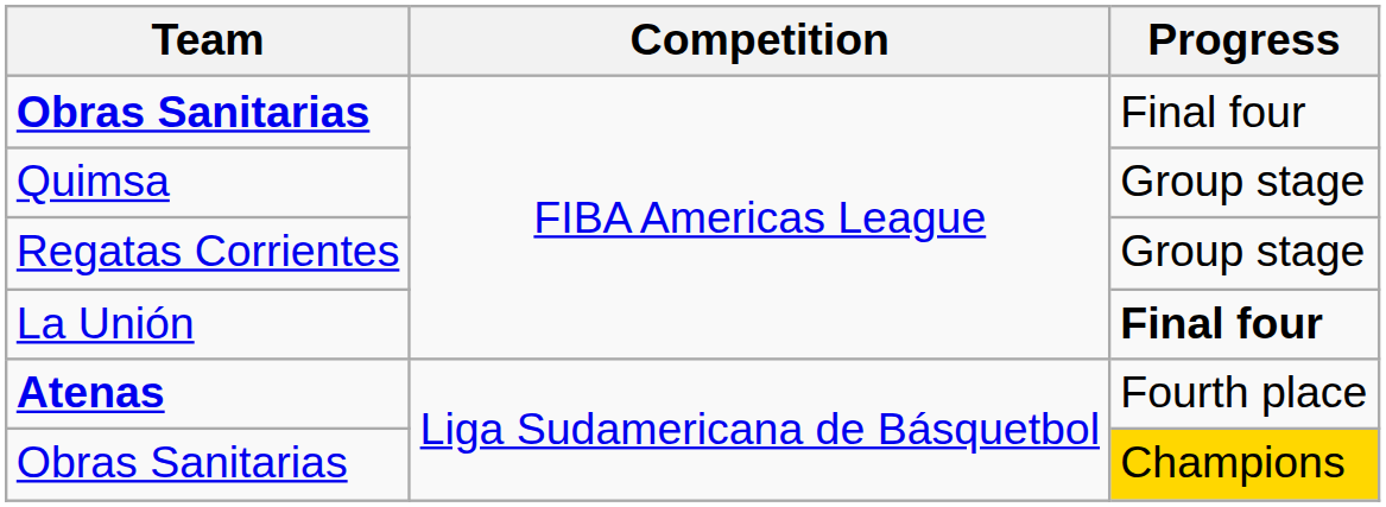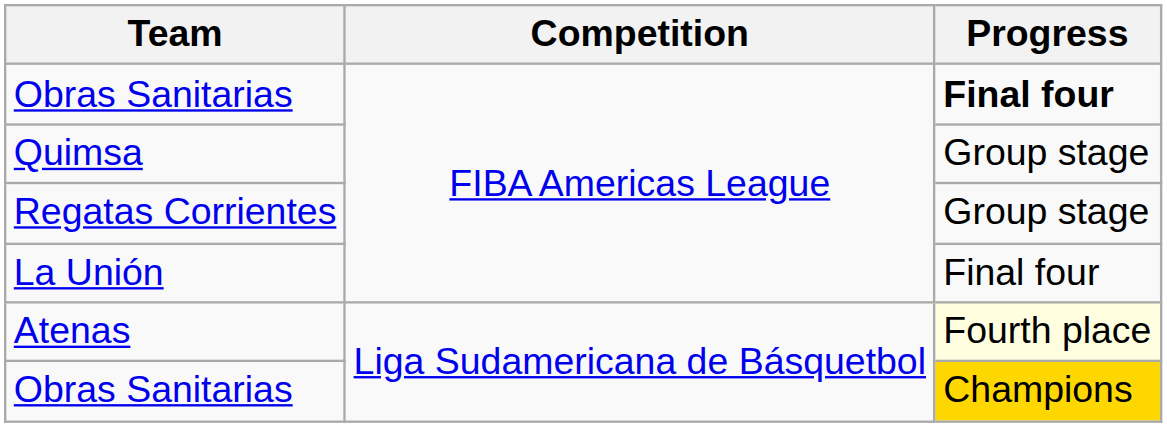 <table class="wikitable">
 <tr>
 <th>Team</th>
 <th>Competition</th>
 <th>Progress</th>
 </tr>
 <tr>
-<td><strong><a href='#'>Obras Sanitarias</a></strong></td>
+<td><a href='#'>Obras Sanitarias</a></td>
 <td rowspan=4 align=center><a href='#'>FIBA Americas League</a></td>
-<td>Final four</td>
+<td><strong>Final four</strong></td>
 </tr>
 <tr>
 <td><a href='#'>Quimsa</a></td>
 <td>Group stage</td>
 </tr>
 <tr>
 <td><a href='#'>Regatas Corrientes</a></td>
 <td>Group stage</td>
 </tr>
 <tr>
 <td><a href='#'>La Unión</a></td>
-<td><strong>Final four</strong></td>
+<td>Final four</td>
 </tr>
 <tr>
-<td><strong><a href='#'>Atenas</a></strong></td>
+<td><a href='#'>Atenas</a></td>
 <td rowspan=2 align=center><a href='#'>Liga Sudamericana de Básquetbol</a></td>
-<td>Fourth place</td>
+<td style="background: lightyellow;">Fourth place</td>
 </tr>
 <tr>
 <td><a href='#'>Obras Sanitarias</a></td>
 <td bgcolor=gold>Champions</td>
 </tr>
 </table>
